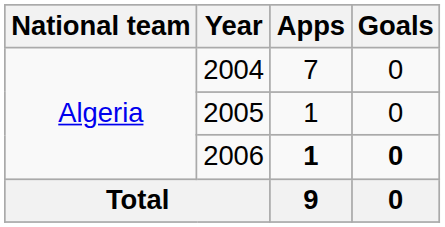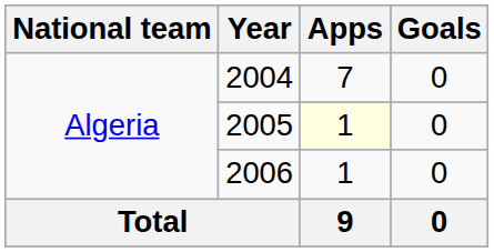 <table class="wikitable" style="text-align:center">
 <tr>
 <th>National team</th>
 <th>Year</th>
 <th>Apps</th>
 <th>Goals</th>
 </tr>
 <tr>
 <td rowspan="3"><a href='#'>Algeria</a></td>
 <td>2004</td>
 <td>7</td>
 <td>0</td>
 </tr>
 <tr>
 <td>2005</td>
-<td>1</td>
+<td style="background: lightyellow;">1</td>
 <td>0</td>
 </tr>
 <tr>
 <td>2006</td>
-<td><strong>1</strong></td>
-<td><strong>0</strong></td>
+<td>1</td>
+<td>0</td>
 </tr>
 <tr>
 <th colspan="2">Total</th>
 <th>9</th>
 <th>0</th>
 </tr>
 </table>
